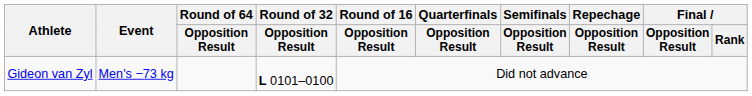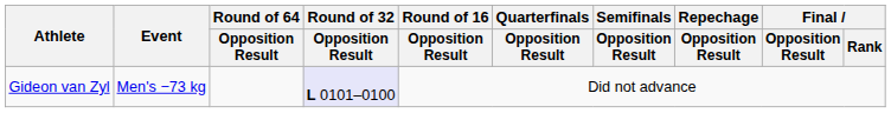 <table class="wikitable" style="font-size:90%;">
 <tr>
 <th rowspan="2">Athlete</th>
 <th rowspan="2">Event</th>
 <th>Round of 64</th>
 <th>Round of 32</th>
 <th>Round of 16</th>
 <th>Quarterfinals</th>
 <th>Semifinals</th>
 <th>Repechage</th>
 <th colspan=2>Final / </th>
 </tr>
 <tr style="font-size:95%">
 <th>Opposition<br>Result</th>
 <th>Opposition<br>Result</th>
 <th>Opposition<br>Result</th>
 <th>Opposition<br>Result</th>
 <th>Opposition<br>Result</th>
 <th>Opposition<br>Result</th>
 <th>Opposition<br>Result</th>
 <th>Rank</th>
 </tr>
 <tr align=center>
 <td align=left><a href='#'>Gideon van Zyl</a></td>
 <td align=left><a href='#'>Men's −73 kg</a></td>
 <td></td>
-<td><br><strong>L</strong> 0101–0100</td>
+<td style="background: lavender;"><br><strong>L</strong> 0101–0100</td>
 <td colspan=6>Did not advance</td>
 </tr>
 </table>
